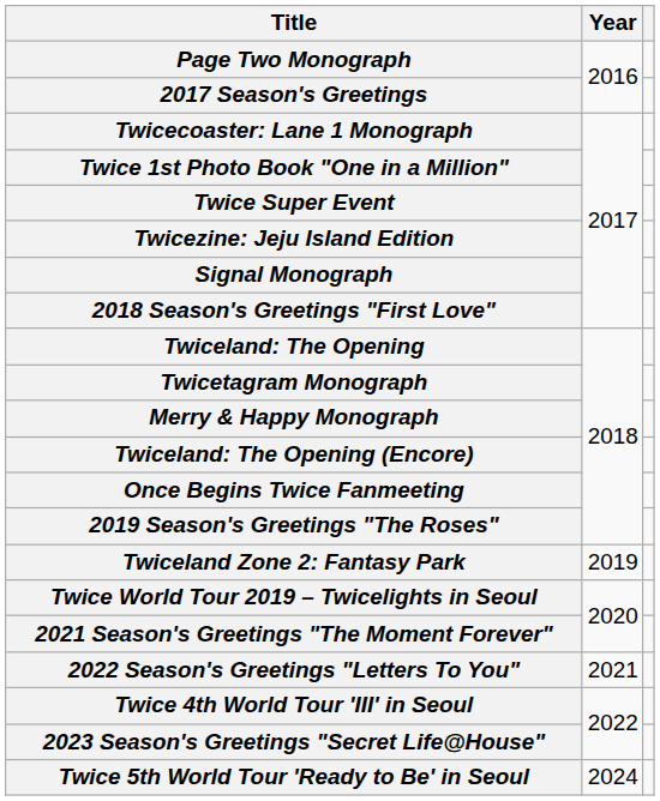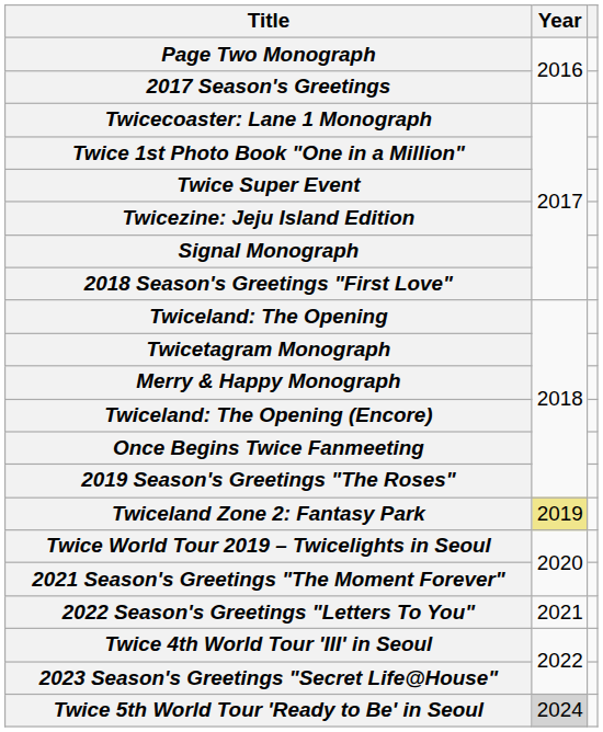 <table class="wikitable plainrowheaders">
 <tr>
 <th ! style="width:25em;">Title</th>
 <th>Year</th>
 <th></th>
 </tr>
 <tr>
 <th scope=row><em>Page Two Monograph</em></th>
 <td rowspan=2>2016</td>
 <td></td>
 </tr>
 <tr>
 <th scope=row><em>2017 Season's Greetings</em></th>
 <td></td>
 </tr>
 <tr>
 <th scope=row><em>Twicecoaster: Lane 1 Monograph</em></th>
 <td rowspan=6>2017</td>
 <td></td>
 </tr>
 <tr>
 <th scope=row><em>Twice 1st Photo Book "One in a Million"</em></th>
 <td></td>
 </tr>
 <tr>
 <th scope=row><em>Twice Super Event</em></th>
 <td></td>
 </tr>
 <tr>
 <th scope=row><em>Twicezine: Jeju Island Edition</em></th>
 <td></td>
 </tr>
 <tr>
 <th scope=row><em>Signal Monograph</em></th>
 <td></td>
 </tr>
 <tr>
 <th scope=row><em>2018 Season's Greetings "First Love"</em></th>
 <td></td>
 </tr>
 <tr>
 <th scope=row><em>Twiceland: The Opening</em></th>
 <td rowspan=6>2018</td>
 <td></td>
 </tr>
 <tr>
 <th scope=row><em>Twicetagram Monograph</em></th>
 <td></td>
 </tr>
 <tr>
 <th scope=row><em>Merry & Happy Monograph</em></th>
 <td></td>
 </tr>
 <tr>
 <th scope=row><em>Twiceland: The Opening (Encore)</em></th>
 <td></td>
 </tr>
 <tr>
 <th scope=row><em>Once Begins Twice Fanmeeting</em></th>
 <td></td>
 </tr>
 <tr>
 <th scope=row><em>2019 Season's Greetings "The Roses"</em></th>
 <td></td>
 </tr>
 <tr>
 <th scope=row><em>Twiceland Zone 2: Fantasy Park</em></th>
-<td>2019</td>
+<td style="background: khaki;">2019</td>
 <td></td>
 </tr>
 <tr>
 <th scope=row><em>Twice World Tour 2019 – Twicelights in Seoul</em></th>
 <td rowspan=2>2020</td>
 <td></td>
 </tr>
 <tr>
 <th scope=row><em>2021 Season's Greetings "The Moment Forever"</em></th>
 <td></td>
 </tr>
 <tr>
 <th scope=row><em>2022 Season's Greetings "Letters To You"</em></th>
 <td>2021</td>
 <td></td>
 </tr>
 <tr>
 <th scope=row><em>Twice 4th World Tour 'III' in Seoul</em></th>
 <td rowspan=2>2022</td>
 <td></td>
 </tr>
 <tr>
 <th scope=row><em>2023 Season's Greetings "Secret Life@House"</em></th>
 <td></td>
 </tr>
 <tr>
 <th scope=row><em>Twice 5th World Tour 'Ready to Be' in Seoul</em></th>
-<td>2024</td>
+<td style="background: lightgrey;">2024</td>
 <td></td>
 </tr>
 </table>
